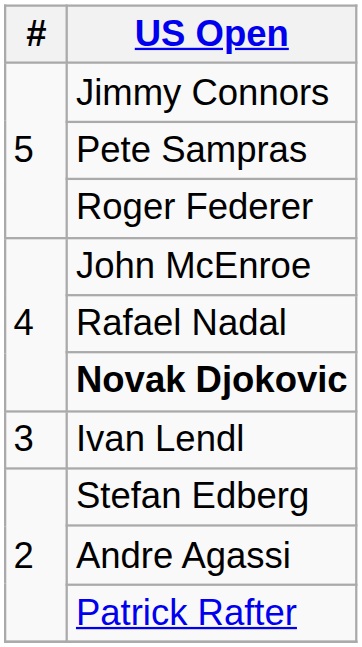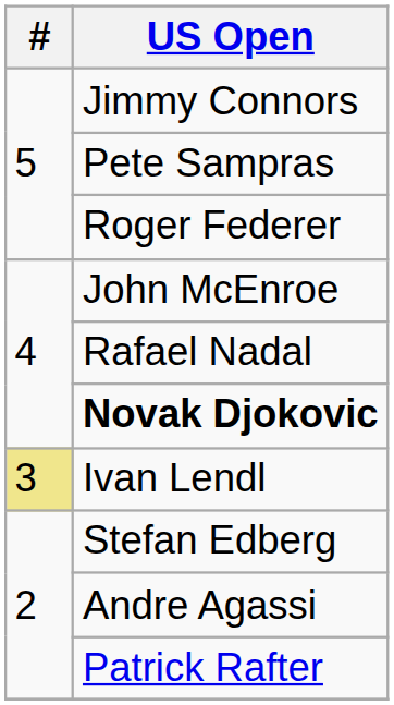 <table class="wikitable" style="display:inline-table;">
 <tr>
 <th width=20>#</th>
 <th><a href='#'>US Open</a></th>
 </tr>
 <tr>
 <td rowspan="3">5</td>
 <td> Jimmy Connors</td>
 </tr>
 <tr>
 <td> Pete Sampras</td>
 </tr>
 <tr>
 <td> Roger Federer</td>
 </tr>
 <tr>
 <td rowspan="3">4</td>
 <td> John McEnroe</td>
 </tr>
 <tr>
 <td> Rafael Nadal</td>
 </tr>
 <tr>
 <td><strong> Novak Djokovic</strong></td>
 </tr>
 <tr>
-<td rowspan="1">3</td>
+<td rowspan="1" style="background: khaki;">3</td>
 <td> Ivan Lendl</td>
 </tr>
 <tr>
 <td rowspan="3">2</td>
 <td> Stefan Edberg</td>
 </tr>
 <tr>
 <td> Andre Agassi</td>
 </tr>
 <tr>
 <td> <a href='#'>Patrick Rafter</a></td>
 </tr>
 <tr>
 </tr>
 </table>
